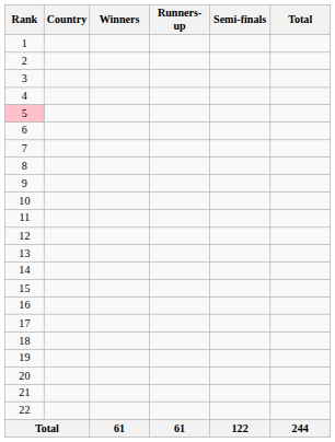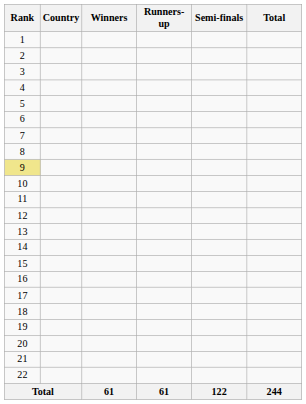 <table class="wikitable sortable" style="text-align:center">
 <tr>
 <th width=50>Rank</th>
 <th>Country</th>
 <th width=80>Winners</th>
 <th width=80>Runners-up</th>
 <th width=80>Semi-finals</th>
 <th width=80>Total</th>
 </tr>
 <tr>
 <td>1</td>
 <td align=left><em></em></td>
 <td></td>
 <td></td>
 <td></td>
 <td></td>
 </tr>
 <tr>
 <td>2</td>
 <td align=left></td>
 <td></td>
 <td></td>
 <td></td>
 <td></td>
 </tr>
 <tr>
 <td>3</td>
 <td align=left></td>
 <td></td>
 <td></td>
 <td></td>
 <td></td>
 </tr>
 <tr>
 <td>4</td>
 <td align=left></td>
 <td></td>
 <td></td>
 <td></td>
 <td></td>
 </tr>
 <tr>
-<td style="background: pink;">5</td>
+<td>5</td>
 <td align=left></td>
 <td></td>
 <td></td>
 <td></td>
 <td></td>
 </tr>
 <tr>
 <td>6</td>
 <td align=left><em></em></td>
 <td></td>
 <td></td>
 <td></td>
 <td></td>
 </tr>
 <tr>
 <td>7</td>
 <td align=left><em></em></td>
 <td></td>
 <td></td>
 <td></td>
 <td></td>
 </tr>
 <tr>
 <td>8</td>
 <td align=left></td>
 <td></td>
 <td></td>
 <td></td>
 <td></td>
 </tr>
 <tr>
-<td>9</td>
+<td style="background: khaki;">9</td>
 <td align=left></td>
 <td></td>
 <td></td>
 <td></td>
 <td></td>
 </tr>
 <tr>
 <td>10</td>
 <td align=left></td>
 <td></td>
 <td></td>
 <td></td>
 <td></td>
 </tr>
 <tr>
 <td>11</td>
 <td align=left></td>
 <td></td>
 <td></td>
 <td></td>
 <td></td>
 </tr>
 <tr>
 <td>12</td>
 <td align=left></td>
 <td></td>
 <td></td>
 <td></td>
 <td></td>
 </tr>
 <tr>
 <td>13</td>
 <td align=left></td>
 <td></td>
 <td></td>
 <td></td>
 <td></td>
 </tr>
 <tr>
 <td>14</td>
 <td align=left></td>
 <td></td>
 <td></td>
 <td></td>
 <td></td>
 </tr>
 <tr>
 <td>15</td>
 <td align=left></td>
 <td></td>
 <td></td>
 <td></td>
 <td></td>
 </tr>
 <tr>
 <td>16</td>
 <td align=left></td>
 <td></td>
 <td></td>
 <td></td>
 <td></td>
 </tr>
 <tr>
 <td>17</td>
 <td align=left></td>
 <td></td>
 <td></td>
 <td></td>
 <td></td>
 </tr>
 <tr>
 <td>18</td>
 <td align=left></td>
 <td></td>
 <td></td>
 <td></td>
 <td></td>
 </tr>
 <tr>
 <td>19</td>
 <td align=left></td>
 <td></td>
 <td></td>
 <td></td>
 <td></td>
 </tr>
 <tr>
 <td>20</td>
 <td align=left></td>
 <td></td>
 <td></td>
 <td></td>
 <td></td>
 </tr>
 <tr>
 <td>21</td>
 <td align=left></td>
 <td></td>
 <td></td>
 <td></td>
 <td></td>
 </tr>
 <tr>
 <td>22</td>
 <td align=left></td>
 <td></td>
 <td></td>
 <td></td>
 <td></td>
 </tr>
 <tr>
 <th colspan=2>Total</th>
 <th>61</th>
 <th>61</th>
 <th>122</th>
 <th>244</th>
 </tr>
 </table>
